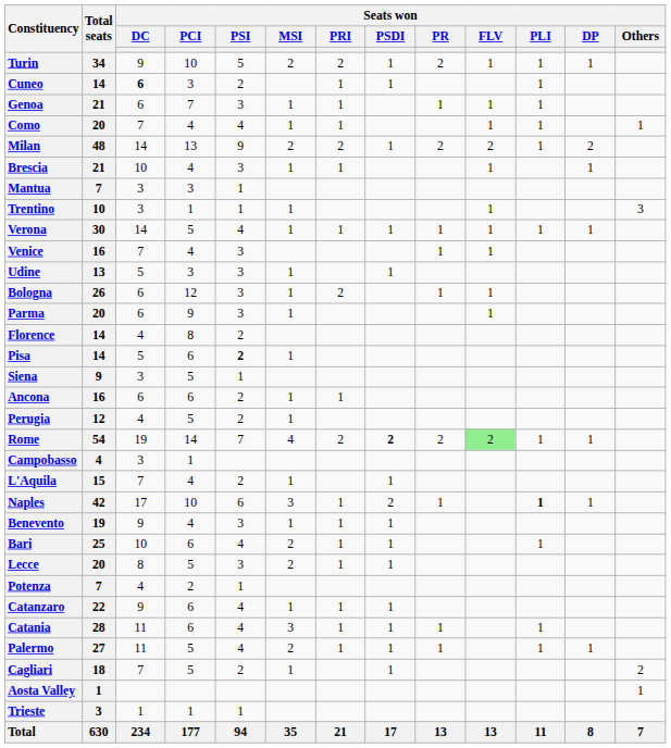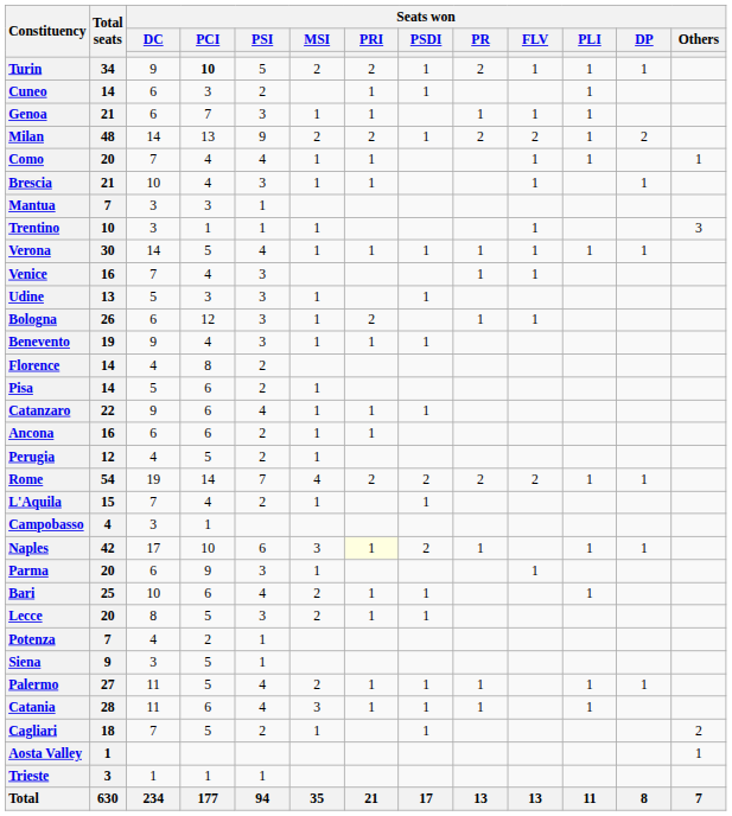 <table class="wikitable" style="text-align:center; font-size: 0.9em">
 <tr>
 <th rowspan="3">Constituency</th>
 <th rowspan="3">Total<br>seats</th>
 <th colspan="11">Seats won</th>
 </tr>
 <tr>
 <th class="unsortable" style="width:50px;"><a href='#'>DC</a></th>
 <th class="unsortable" style="width:50px;"><a href='#'>PCI</a></th>
 <th class="unsortable" style="width:50px;"><a href='#'>PSI</a></th>
 <th class="unsortable" style="width:50px;"><a href='#'>MSI</a></th>
 <th class="unsortable" style="width:50px;"><a href='#'>PRI</a></th>
 <th class="unsortable" style="width:50px;"><a href='#'>PSDI</a></th>
 <th class="unsortable" style="width:50px;"><a href='#'>PR</a></th>
 <th class="unsortable" style="width:50px;"><a href='#'>FLV</a></th>
 <th class="unsortable" style="width:50px;"><a href='#'>PLI</a></th>
 <th class="unsortable" style="width:50px;"><a href='#'>DP</a></th>
 <th class="unsortable" style="width:50px;">Others</th>
 </tr>
 <tr>
 <th style="background:"></th>
 <th style="background:"></th>
 <th style="background:"></th>
 <th style="background:"></th>
 <th style="background:"></th>
 <th style="background:"></th>
 <th style="background:"></th>
 <th style="background:"></th>
 <th style="background:"></th>
 <th style="background:"></th>
 <th style="background:"></th>
 </tr>
 <tr>
 <th style="text-align: left;"><a href='#'>Turin</a></th>
 <th>34</th>
 <td>9</td>
-<td>10</td>
+<td><strong>10</strong></td>
 <td>5</td>
 <td>2</td>
 <td>2</td>
 <td>1</td>
 <td>2</td>
 <td>1</td>
 <td>1</td>
 <td>1</td>
 <td></td>
 </tr>
 <tr>
 <th style="text-align: left;"><a href='#'>Cuneo</a></th>
 <th>14</th>
-<td><strong>6</strong></td>
+<td>6</td>
 <td>3</td>
 <td>2</td>
 <td></td>
 <td>1</td>
 <td>1</td>
 <td></td>
 <td></td>
 <td>1</td>
 <td></td>
 <td></td>
 </tr>
 <tr>
 <th style="text-align: left;"><a href='#'>Genoa</a></th>
 <th>21</th>
 <td>6</td>
 <td>7</td>
 <td>3</td>
 <td>1</td>
 <td>1</td>
 <td></td>
 <td>1</td>
 <td>1</td>
 <td>1</td>
 <td></td>
 <td></td>
 </tr>
 <tr>
+<th style="text-align: left;"><a href='#'>Milan</a></th>
+<th>48</th>
+<td>14</td>
+<td>13</td>
+<td>9</td>
+<td>2</td>
+<td>2</td>
+<td>1</td>
+<td>2</td>
+<td>2</td>
+<td>1</td>
+<td>2</td>
+<td></td>
+</tr>
+<tr>
 <th style="text-align: left;"><a href='#'>Como</a></th>
 <th>20</th>
 <td>7</td>
 <td>4</td>
 <td>4</td>
 <td>1</td>
 <td>1</td>
 <td></td>
 <td></td>
 <td>1</td>
 <td>1</td>
 <td></td>
 <td>1</td>
-</tr>
-<tr>
-<th style="text-align: left;"><a href='#'>Milan</a></th>
-<th>48</th>
-<td>14</td>
-<td>13</td>
-<td>9</td>
-<td>2</td>
-<td>2</td>
-<td>1</td>
-<td>2</td>
-<td>2</td>
-<td>1</td>
-<td>2</td>
-<td></td>
 </tr>
 <tr>
 <th style="text-align: left;"><a href='#'>Brescia</a></th>
 <th>21</th>
 <td>10</td>
 <td>4</td>
 <td>3</td>
 <td>1</td>
 <td>1</td>
 <td></td>
 <td></td>
 <td>1</td>
 <td></td>
 <td>1</td>
 <td></td>
 </tr>
 <tr>
 <th style="text-align: left;"><a href='#'>Mantua</a></th>
 <th>7</th>
 <td>3</td>
 <td>3</td>
 <td>1</td>
 <td></td>
 <td></td>
 <td></td>
 <td></td>
 <td></td>
 <td></td>
 <td></td>
 <td></td>
 </tr>
 <tr>
 <th style="text-align: left;"><a href='#'>Trentino</a></th>
 <th>10</th>
 <td>3</td>
 <td>1</td>
 <td>1</td>
 <td>1</td>
 <td></td>
 <td></td>
 <td></td>
 <td>1</td>
 <td></td>
 <td></td>
 <td>3</td>
 </tr>
 <tr>
 <th style="text-align: left;"><a href='#'>Verona</a></th>
 <th>30</th>
 <td>14</td>
 <td>5</td>
 <td>4</td>
 <td>1</td>
 <td>1</td>
 <td>1</td>
 <td>1</td>
 <td>1</td>
 <td>1</td>
 <td>1</td>
 <td></td>
 </tr>
 <tr>
 <th style="text-align: left;"><a href='#'>Venice</a></th>
 <th>16</th>
 <td>7</td>
 <td>4</td>
 <td>3</td>
 <td></td>
 <td></td>
 <td></td>
 <td>1</td>
 <td>1</td>
 <td></td>
 <td></td>
 <td></td>
 </tr>
 <tr>
 <th style="text-align: left;"><a href='#'>Udine</a></th>
 <th>13</th>
 <td>5</td>
 <td>3</td>
 <td>3</td>
 <td>1</td>
 <td></td>
 <td>1</td>
 <td></td>
 <td></td>
 <td></td>
 <td></td>
 <td></td>
 </tr>
 <tr>
 <th style="text-align: left;"><a href='#'>Bologna</a></th>
 <th>26</th>
 <td>6</td>
 <td>12</td>
 <td>3</td>
 <td>1</td>
 <td>2</td>
 <td></td>
 <td>1</td>
 <td>1</td>
 <td></td>
 <td></td>
 <td></td>
 </tr>
 <tr>
-<th style="text-align: left;"><a href='#'>Parma</a></th>
-<th>20</th>
-<td>6</td>
+<th style="text-align: left;"><a href='#'>Benevento</a></th>
+<th>19</th>
 <td>9</td>
+<td>4</td>
 <td>3</td>
+<td>1</td>
+<td>1</td>
 <td>1</td>
 <td></td>
 <td></td>
-<td></td>
-<td>1</td>
 <td></td>
 <td></td>
 <td></td>
 </tr>
 <tr>
 <th style="text-align: left;"><a href='#'>Florence</a></th>
 <th>14</th>
 <td>4</td>
 <td>8</td>
 <td>2</td>
 <td></td>
 <td></td>
 <td></td>
 <td></td>
 <td></td>
 <td></td>
 <td></td>
 <td></td>
 </tr>
 <tr>
 <th style="text-align: left;"><a href='#'>Pisa</a></th>
 <th>14</th>
 <td>5</td>
 <td>6</td>
-<td><strong>2</strong></td>
+<td>2</td>
 <td>1</td>
 <td></td>
 <td></td>
 <td></td>
 <td></td>
 <td></td>
 <td></td>
 <td></td>
 </tr>
 <tr>
-<th style="text-align: left;"><a href='#'>Siena</a></th>
-<th>9</th>
-<td>3</td>
-<td>5</td>
+<th style="text-align: left;"><a href='#'>Catanzaro</a></th>
+<th>22</th>
+<td>9</td>
+<td>6</td>
+<td>4</td>
 <td>1</td>
-<td></td>
-<td></td>
-<td></td>
+<td>1</td>
+<td>1</td>
 <td></td>
 <td></td>
 <td></td>
 <td></td>
 <td></td>
 </tr>
 <tr>
 <th style="text-align: left;"><a href='#'>Ancona</a></th>
 <th>16</th>
 <td>6</td>
 <td>6</td>
 <td>2</td>
 <td>1</td>
 <td>1</td>
 <td></td>
 <td></td>
 <td></td>
 <td></td>
 <td></td>
 <td></td>
 </tr>
 <tr>
 <th style="text-align: left;"><a href='#'>Perugia</a></th>
 <th>12</th>
 <td>4</td>
 <td>5</td>
 <td>2</td>
 <td>1</td>
 <td></td>
 <td></td>
 <td></td>
 <td></td>
 <td></td>
 <td></td>
 <td></td>
 </tr>
 <tr>
 <th style="text-align: left;"><a href='#'>Rome</a></th>
 <th>54</th>
 <td>19</td>
 <td>14</td>
 <td>7</td>
 <td>4</td>
 <td>2</td>
-<td><strong>2</strong></td>
 <td>2</td>
-<td style="background: lightgreen;">2</td>
+<td>2</td>
+<td>2</td>
 <td>1</td>
 <td>1</td>
+<td></td>
+</tr>
+<tr>
+<th style="text-align: left;"><a href='#'>L'Aquila</a></th>
+<th>15</th>
+<td>7</td>
+<td>4</td>
+<td>2</td>
+<td>1</td>
+<td></td>
+<td>1</td>
+<td></td>
+<td></td>
+<td></td>
+<td></td>
 <td></td>
 </tr>
 <tr>
 <th style="text-align: left;"><a href='#'>Campobasso</a></th>
 <th>4</th>
 <td>3</td>
 <td>1</td>
 <td></td>
 <td></td>
 <td></td>
 <td></td>
 <td></td>
 <td></td>
 <td></td>
 <td></td>
 <td></td>
 </tr>
 <tr>
-<th style="text-align: left;"><a href='#'>L'Aquila</a></th>
-<th>15</th>
-<td>7</td>
-<td>4</td>
-<td>2</td>
-<td>1</td>
-<td></td>
-<td>1</td>
-<td></td>
-<td></td>
-<td></td>
-<td></td>
-<td></td>
-</tr>
-<tr>
 <th style="text-align: left;"><a href='#'>Naples</a></th>
 <th>42</th>
 <td>17</td>
 <td>10</td>
 <td>6</td>
 <td>3</td>
-<td>1</td>
+<td style="background: lightyellow;">1</td>
 <td>2</td>
 <td>1</td>
 <td></td>
-<td><strong>1</strong></td>
+<td>1</td>
 <td>1</td>
 <td></td>
 </tr>
 <tr>
-<th style="text-align: left;"><a href='#'>Benevento</a></th>
-<th>19</th>
+<th style="text-align: left;"><a href='#'>Parma</a></th>
+<th>20</th>
+<td>6</td>
 <td>9</td>
-<td>4</td>
 <td>3</td>
-<td>1</td>
-<td>1</td>
 <td>1</td>
 <td></td>
 <td></td>
+<td></td>
+<td>1</td>
 <td></td>
 <td></td>
 <td></td>
 </tr>
 <tr>
 <th style="text-align: left;"><a href='#'>Bari</a></th>
 <th>25</th>
 <td>10</td>
 <td>6</td>
 <td>4</td>
 <td>2</td>
 <td>1</td>
 <td>1</td>
 <td></td>
 <td></td>
 <td>1</td>
 <td></td>
 <td></td>
 </tr>
 <tr>
 <th style="text-align: left;"><a href='#'>Lecce</a></th>
 <th>20</th>
 <td>8</td>
 <td>5</td>
 <td>3</td>
 <td>2</td>
 <td>1</td>
 <td>1</td>
 <td></td>
 <td></td>
 <td></td>
 <td></td>
 <td></td>
 </tr>
 <tr>
 <th style="text-align: left;"><a href='#'>Potenza</a></th>
 <th>7</th>
 <td>4</td>
 <td>2</td>
 <td>1</td>
 <td></td>
 <td></td>
 <td></td>
 <td></td>
 <td></td>
 <td></td>
 <td></td>
 <td></td>
 </tr>
 <tr>
-<th style="text-align: left;"><a href='#'>Catanzaro</a></th>
-<th>22</th>
-<td>9</td>
-<td>6</td>
-<td>4</td>
-<td>1</td>
-<td>1</td>
+<th style="text-align: left;"><a href='#'>Siena</a></th>
+<th>9</th>
+<td>3</td>
+<td>5</td>
 <td>1</td>
 <td></td>
 <td></td>
 <td></td>
 <td></td>
 <td></td>
-</tr>
-<tr>
-<th style="text-align: left;"><a href='#'>Catania</a></th>
-<th>28</th>
-<td>11</td>
-<td>6</td>
-<td>4</td>
-<td>3</td>
-<td>1</td>
-<td>1</td>
-<td>1</td>
 <td></td>
-<td>1</td>
 <td></td>
 <td></td>
 </tr>
 <tr>
 <th style="text-align: left;"><a href='#'>Palermo</a></th>
 <th>27</th>
 <td>11</td>
 <td>5</td>
 <td>4</td>
 <td>2</td>
 <td>1</td>
 <td>1</td>
 <td>1</td>
 <td></td>
 <td>1</td>
 <td>1</td>
+<td></td>
+</tr>
+<tr>
+<th style="text-align: left;"><a href='#'>Catania</a></th>
+<th>28</th>
+<td>11</td>
+<td>6</td>
+<td>4</td>
+<td>3</td>
+<td>1</td>
+<td>1</td>
+<td>1</td>
+<td></td>
+<td>1</td>
+<td></td>
 <td></td>
 </tr>
 <tr>
 <th style="text-align: left;"><a href='#'>Cagliari</a></th>
 <th>18</th>
 <td>7</td>
 <td>5</td>
 <td>2</td>
 <td>1</td>
 <td></td>
 <td>1</td>
 <td></td>
 <td></td>
 <td></td>
 <td></td>
 <td>2</td>
 </tr>
 <tr>
 <th style="text-align: left;"><a href='#'>Aosta Valley</a></th>
 <th>1</th>
 <td></td>
 <td></td>
 <td></td>
 <td></td>
 <td></td>
 <td></td>
 <td></td>
 <td></td>
 <td></td>
 <td></td>
 <td>1</td>
 </tr>
 <tr>
 <th style="text-align: left;"><a href='#'>Trieste</a></th>
 <th>3</th>
 <td>1</td>
 <td>1</td>
 <td>1</td>
 <td></td>
 <td></td>
 <td></td>
 <td></td>
 <td></td>
 <td></td>
 <td></td>
 <td></td>
 </tr>
 <tr>
 <th style="text-align: left;">Total</th>
 <th>630</th>
 <th>234</th>
 <th>177</th>
 <th>94</th>
 <th>35</th>
 <th>21</th>
 <th>17</th>
 <th>13</th>
 <th>13</th>
 <th>11</th>
 <th>8</th>
 <th>7</th>
 </tr>
 </table>
